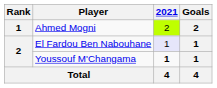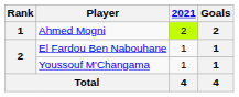 <table class="wikitable" style="font-size:99%; text-align:center">
 <tr>
 <th>Rank</th>
 <th>Player</th>
 <th><a href='#'>2021</a></th>
 <th>Goals</th>
 </tr>
 <tr>
 <th>1</th>
 <td align="left"><a href='#'>Ahmed Mogni</a></td>
 <td bgcolor="bfff00">2</td>
 <th>2</th>
 </tr>
 <tr>
 <th rowspan="2">2</th>
 <td align="left"><a href='#'>El Fardou Ben Nabouhane</a></td>
-<td style="background: lavender;">1</td>
+<td>1</td>
 <th>1</th>
 </tr>
 <tr>
 <td align="left"><a href='#'>Youssouf M'Changama</a></td>
-<td><strong>1</strong></td>
+<td>1</td>
 <th>1</th>
 </tr>
 <tr>
 <th colspan="2">Total</th>
 <th>4</th>
 <th>4</th>
 </tr>
 </table>
